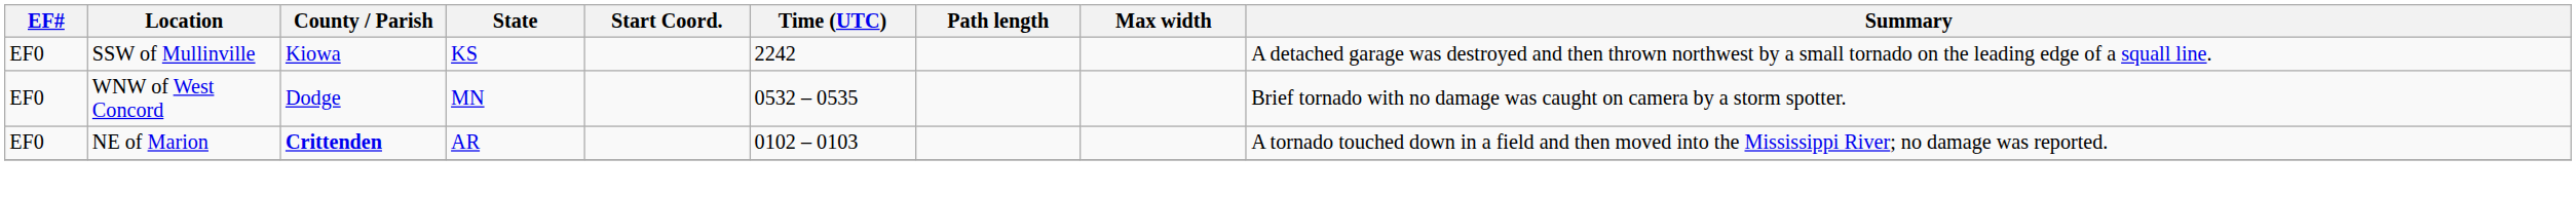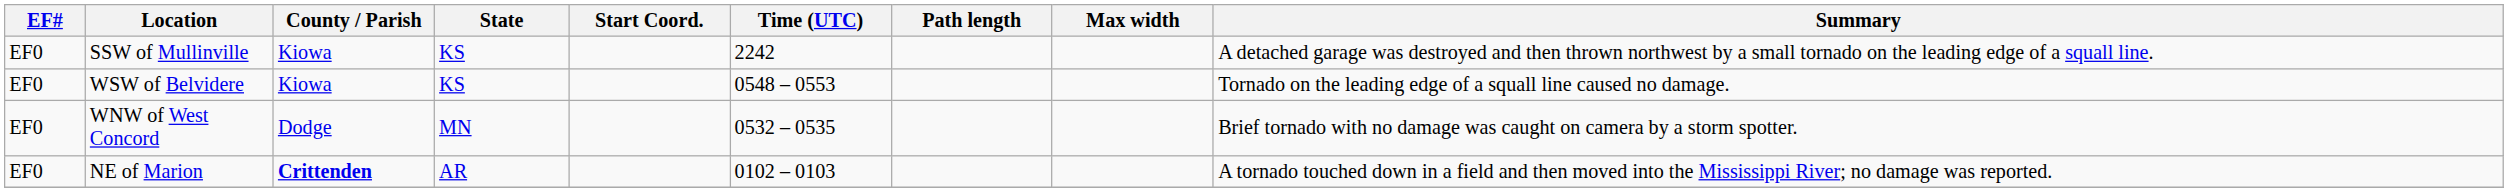 <table class="wikitable sortable" style="width:100%;">
 <tr>
 <th scope="col" width="3%" align="center"><a href='#'>EF#</a></th>
 <th scope="col" width="7%" align="center" class="unsortable">Location</th>
 <th scope="col" width="6%" align="center" class="unsortable">County / Parish</th>
 <th scope="col" width="5%" align="center">State</th>
 <th scope="col" width="6%" align="center">Start Coord.</th>
 <th scope="col" width="6%" align="center">Time (<a href='#'>UTC</a>)</th>
 <th scope="col" width="6%" align="center">Path length</th>
 <th scope="col" width="6%" align="center">Max width</th>
 <th scope="col" width="48%" class="unsortable" align="center">Summary</th>
 </tr>
 <tr>
 <td>EF0</td>
 <td>SSW of <a href='#'>Mullinville</a></td>
 <td><a href='#'>Kiowa</a></td>
 <td><a href='#'>KS</a></td>
 <td></td>
 <td>2242</td>
 <td></td>
 <td></td>
 <td>A detached garage was destroyed and then thrown northwest by a small tornado on the leading edge of a <a href='#'>squall line</a>.</td>
+</tr>
+<tr>
+<td>EF0</td>
+<td>WSW of <a href='#'>Belvidere</a></td>
+<td><a href='#'>Kiowa</a></td>
+<td><a href='#'>KS</a></td>
+<td></td>
+<td>0548 – 0553</td>
+<td></td>
+<td></td>
+<td>Tornado on the leading edge of a squall line caused no damage.</td>
 </tr>
 <tr>
 <td>EF0</td>
 <td>WNW of <a href='#'>West Concord</a></td>
 <td><a href='#'>Dodge</a></td>
 <td><a href='#'>MN</a></td>
 <td></td>
 <td>0532 – 0535</td>
 <td></td>
 <td></td>
 <td>Brief tornado with no damage was caught on camera by a storm spotter.</td>
 </tr>
 <tr>
 <td>EF0</td>
 <td>NE of <a href='#'>Marion</a></td>
 <td><strong><a href='#'>Crittenden</a></strong></td>
 <td><a href='#'>AR</a></td>
 <td></td>
 <td>0102 – 0103</td>
 <td></td>
 <td></td>
 <td>A tornado touched down in a field and then moved into the <a href='#'>Mississippi River</a>; no damage was reported.</td>
 </tr>
 <tr>
 </tr>
 </table>
